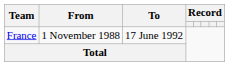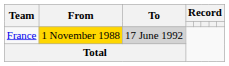 <table class="wikitable" style="text-align:center">
 <tr>
 <th rowspan="2">Team</th>
 <th rowspan="2">From</th>
 <th rowspan="2">To</th>
 <th colspan="5">Record</th>
 </tr>
 <tr>
 <th></th>
 <th></th>
 <th></th>
 <th></th>
 <th></th>
 </tr>
 <tr>
 <td><a href='#'>France</a></td>
-<td>1 November 1988</td>
-<td>17 June 1992<br></td>
+<td style="background: gold;">1 November 1988</td>
+<td style="background: lightgrey;">17 June 1992<br></td>
 </tr>
 <tr>
 <th colspan="3">Total<br></th>
 </tr>
 </table>
